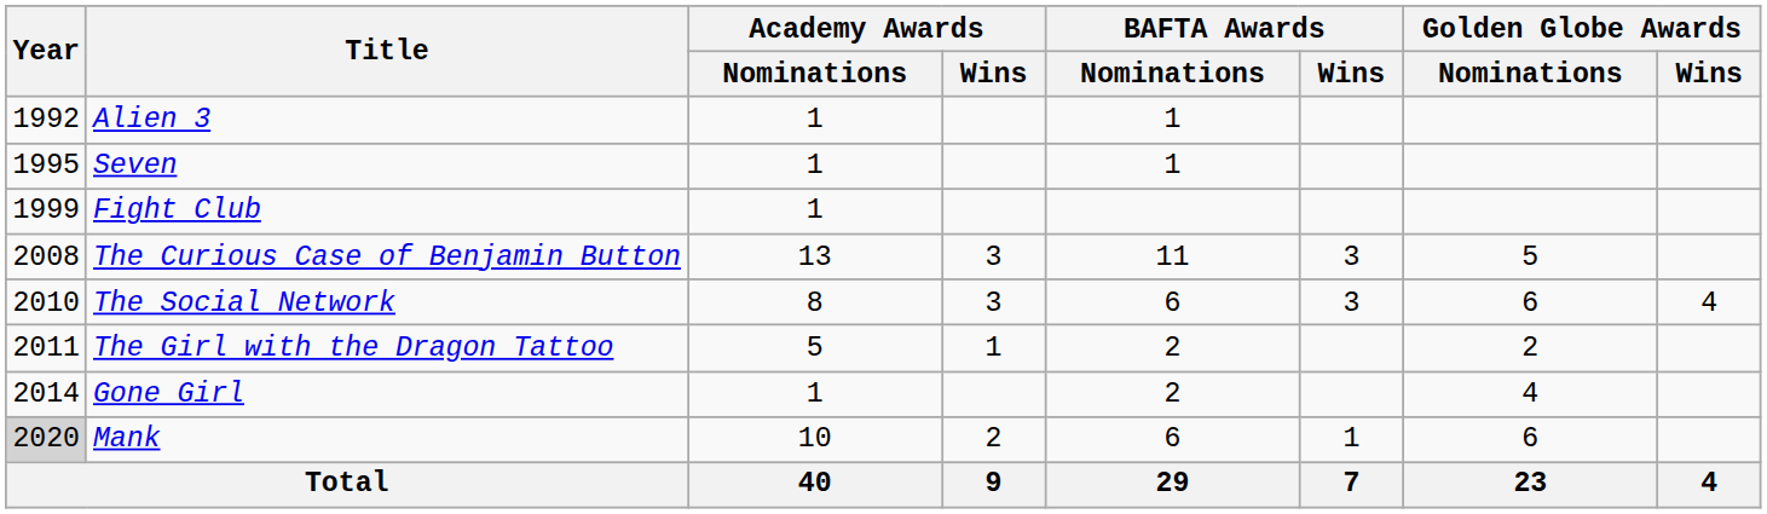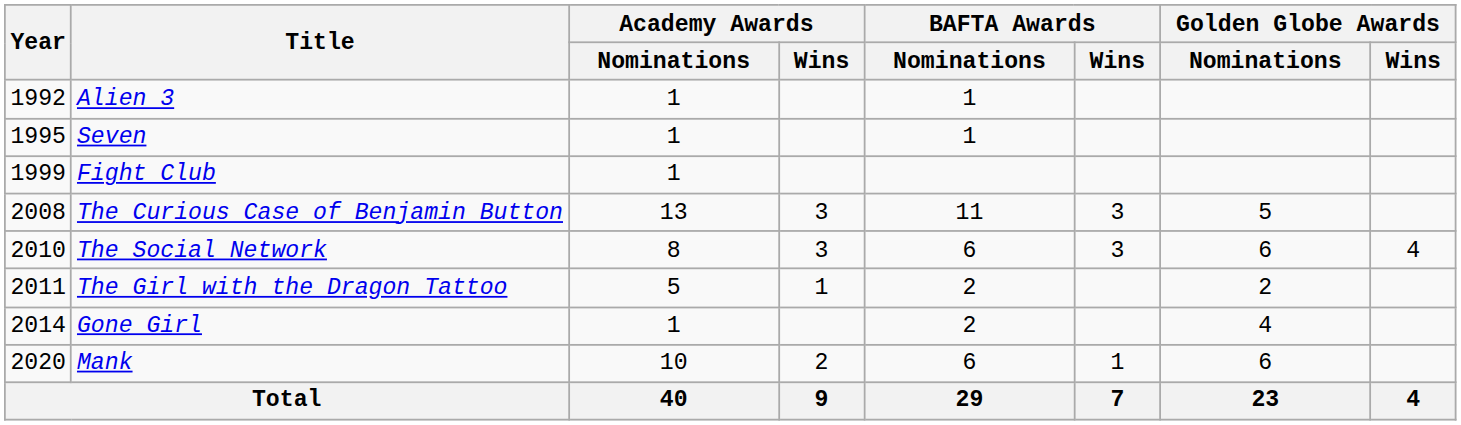 <table class="wikitable">
 <tr>
 <th rowspan="2">Year</th>
 <th rowspan="2">Title</th>
 <th colspan="2" style="text-align:center;" width=160>Academy Awards</th>
 <th colspan="2" style="text-align:center;" width=160>BAFTA Awards</th>
 <th colspan="2" style="text-align:center;" width=160>Golden Globe Awards</th>
 </tr>
 <tr>
 <th>Nominations</th>
 <th>Wins</th>
 <th>Nominations</th>
 <th>Wins</th>
 <th>Nominations</th>
 <th>Wins</th>
 </tr>
 <tr>
 <td>1992</td>
 <td><em><a href='#'>Alien 3</a></em></td>
 <td align=center>1</td>
 <td></td>
 <td align=center>1</td>
 <td></td>
 <td></td>
 <td></td>
 </tr>
 <tr>
 <td>1995</td>
 <td><em><a href='#'>Seven</a></em></td>
 <td align=center>1</td>
 <td></td>
 <td align=center>1</td>
 <td></td>
 <td></td>
 <td></td>
 </tr>
 <tr>
 <td>1999</td>
 <td><em><a href='#'>Fight Club</a></em></td>
 <td align=center>1</td>
 <td></td>
 <td></td>
 <td></td>
 <td></td>
 <td></td>
 </tr>
 <tr>
 <td>2008</td>
 <td><em><a href='#'>The Curious Case of Benjamin Button</a></em></td>
 <td align=center>13</td>
 <td align=center>3</td>
 <td align=center>11</td>
 <td align=center>3</td>
 <td align=center>5</td>
 <td></td>
 </tr>
 <tr>
 <td>2010</td>
 <td><em><a href='#'>The Social Network</a></em></td>
 <td align=center>8</td>
 <td align=center>3</td>
 <td align=center>6</td>
 <td align=center>3</td>
 <td align=center>6</td>
 <td align=center>4</td>
 </tr>
 <tr>
 <td>2011</td>
 <td><em><a href='#'>The Girl with the Dragon Tattoo</a></em></td>
 <td align=center>5</td>
 <td align=center>1</td>
 <td align=center>2</td>
 <td></td>
 <td align=center>2</td>
 <td></td>
 </tr>
 <tr>
 <td>2014</td>
 <td><em><a href='#'>Gone Girl</a></em></td>
 <td align=center>1</td>
 <td></td>
 <td align=center>2</td>
 <td></td>
 <td align=center>4</td>
 <td></td>
 </tr>
 <tr>
-<td style="background: lightgrey;">2020</td>
+<td>2020</td>
 <td><em><a href='#'>Mank</a></em></td>
 <td align=center>10</td>
 <td align=center>2</td>
 <td align=center>6</td>
 <td align=center>1</td>
 <td align=center>6</td>
 <td></td>
 </tr>
 <tr>
 <th colspan="2"><strong>Total</strong></th>
 <th align=center>40</th>
 <th align=center>9</th>
 <th align=center>29</th>
 <th align=center>7</th>
 <th align=center>23</th>
 <th align=center>4</th>
 </tr>
 </table>
